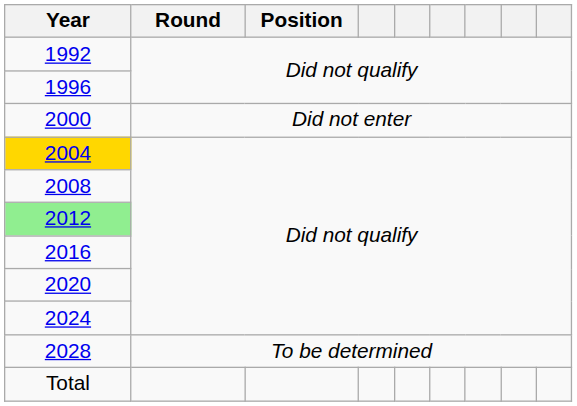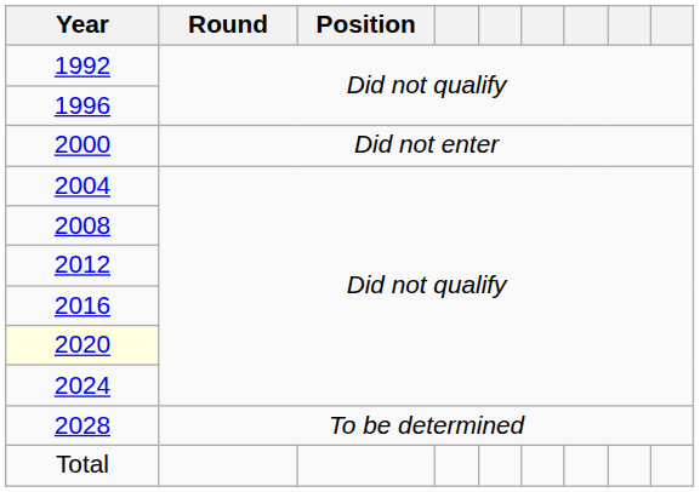 <table class="wikitable" style="text-align: center;">
 <tr>
 <th width="90">Year</th>
 <th width="80">Round</th>
 <th width="80">Position</th>
 <th width="20"></th>
 <th width="20"></th>
 <th width="20"></th>
 <th width="20"></th>
 <th width="20"></th>
 <th width="20"></th>
 </tr>
 <tr>
 <td> <a href='#'>1992</a></td>
 <td rowspan=2 colspan=8><em>Did not qualify</em></td>
 </tr>
 <tr>
 <td> <a href='#'>1996</a></td>
 </tr>
 <tr>
 <td> <a href='#'>2000</a></td>
 <td rowspan=1 colspan=8><em>Did not enter</em></td>
 </tr>
 <tr>
-<td style="background: gold;"> <a href='#'>2004</a></td>
+<td> <a href='#'>2004</a></td>
 <td colspan="8" rowspan="6"><em>Did not qualify</em></td>
 </tr>
 <tr>
 <td> <a href='#'>2008</a></td>
 </tr>
 <tr>
-<td style="background: lightgreen;"> <a href='#'>2012</a></td>
+<td> <a href='#'>2012</a></td>
 </tr>
 <tr>
 <td> <a href='#'>2016</a></td>
 </tr>
 <tr>
-<td> <a href='#'>2020</a></td>
+<td style="background: lightyellow;"> <a href='#'>2020</a></td>
 </tr>
 <tr>
 <td> <a href='#'>2024</a></td>
 </tr>
 <tr>
 <td> <a href='#'>2028</a></td>
 <td colspan="8"><em>To be determined</em></td>
 </tr>
 <tr>
 <td>Total</td>
 <td></td>
 <td></td>
 <td></td>
 <td></td>
 <td></td>
 <td></td>
 <td></td>
 <td></td>
 </tr>
 </table>
